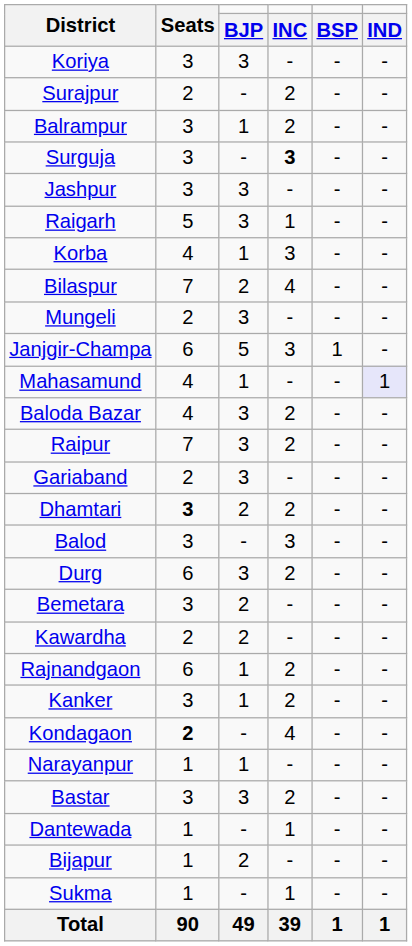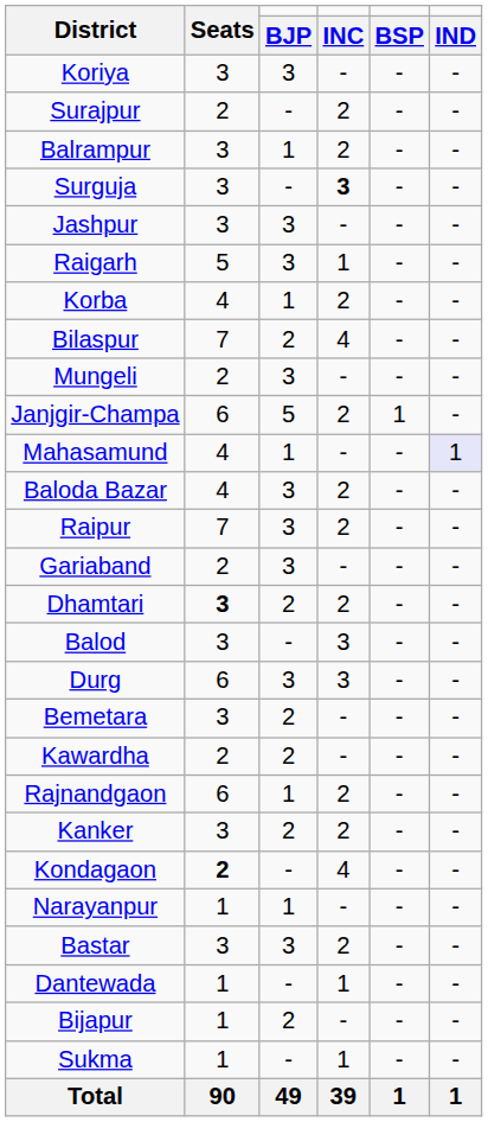 <table class="wikitable" style="text-align:center;">
 <tr>
 <th rowspan="2" class="wikitable">District</th>
 <th rowspan="2" class="wikitable">Seats</th>
 <td></td>
 <td></td>
 <td></td>
 <td></td>
 </tr>
 <tr>
 <th class="wikitable"><a href='#'>BJP</a></th>
 <th class="wikitable"><a href='#'>INC</a></th>
 <th class="wikitable"><a href='#'>BSP</a></th>
 <th><a href='#'>IND</a></th>
 </tr>
 <tr>
 <td><a href='#'>Koriya</a></td>
 <td>3</td>
 <td>3</td>
 <td>-</td>
 <td>-</td>
 <td>-</td>
 </tr>
 <tr>
 <td><a href='#'>Surajpur</a></td>
 <td>2</td>
 <td>-</td>
 <td>2</td>
 <td>-</td>
 <td>-</td>
 </tr>
 <tr>
 <td><a href='#'>Balrampur</a></td>
 <td>3</td>
 <td>1</td>
 <td>2</td>
 <td>-</td>
 <td>-</td>
 </tr>
 <tr>
 <td><a href='#'>Surguja</a></td>
 <td>3</td>
 <td>-</td>
 <td><strong>3</strong></td>
 <td>-</td>
 <td>-</td>
 </tr>
 <tr>
 <td><a href='#'>Jashpur</a></td>
 <td>3</td>
 <td>3</td>
 <td>-</td>
 <td>-</td>
 <td>-</td>
 </tr>
 <tr>
 <td><a href='#'>Raigarh</a></td>
 <td>5</td>
 <td>3</td>
 <td>1</td>
 <td>-</td>
 <td>-</td>
 </tr>
 <tr>
 <td><a href='#'>Korba</a></td>
 <td>4</td>
 <td>1</td>
-<td>3</td>
+<td>2</td>
 <td>-</td>
 <td>-</td>
 </tr>
 <tr>
 <td><a href='#'>Bilaspur</a></td>
 <td>7</td>
 <td>2</td>
 <td>4</td>
 <td>-</td>
 <td>-</td>
 </tr>
 <tr>
 <td><a href='#'>Mungeli</a></td>
 <td>2</td>
 <td>3</td>
 <td>-</td>
 <td>-</td>
 <td>-</td>
 </tr>
 <tr>
 <td><a href='#'>Janjgir-Champa</a></td>
 <td>6</td>
 <td>5</td>
-<td>3</td>
+<td>2</td>
 <td>1</td>
 <td>-</td>
 </tr>
 <tr>
 <td><a href='#'>Mahasamund</a></td>
 <td>4</td>
 <td>1</td>
 <td>-</td>
 <td>-</td>
 <td style="background: lavender;">1</td>
 </tr>
 <tr>
 <td><a href='#'>Baloda Bazar</a></td>
 <td>4</td>
 <td>3</td>
 <td>2</td>
 <td>-</td>
 <td>-</td>
 </tr>
 <tr>
 <td><a href='#'>Raipur</a></td>
 <td>7</td>
 <td>3</td>
 <td>2</td>
 <td>-</td>
 <td>-</td>
 </tr>
 <tr>
 <td><a href='#'>Gariaband</a></td>
 <td>2</td>
 <td>3</td>
 <td>-</td>
 <td>-</td>
 <td>-</td>
 </tr>
 <tr>
 <td><a href='#'>Dhamtari</a></td>
 <td><strong>3</strong></td>
 <td>2</td>
 <td>2</td>
 <td>-</td>
 <td>-</td>
 </tr>
 <tr>
 <td><a href='#'>Balod</a></td>
 <td>3</td>
 <td>-</td>
 <td>3</td>
 <td>-</td>
 <td>-</td>
 </tr>
 <tr>
 <td><a href='#'>Durg</a></td>
 <td>6</td>
 <td>3</td>
-<td>2</td>
+<td>3</td>
 <td>-</td>
 <td>-</td>
 </tr>
 <tr>
 <td><a href='#'>Bemetara</a></td>
 <td>3</td>
 <td>2</td>
 <td>-</td>
 <td>-</td>
 <td>-</td>
 </tr>
 <tr>
 <td><a href='#'>Kawardha</a></td>
 <td>2</td>
 <td>2</td>
 <td>-</td>
 <td>-</td>
 <td>-</td>
 </tr>
 <tr>
 <td><a href='#'>Rajnandgaon</a></td>
 <td>6</td>
 <td>1</td>
 <td>2</td>
 <td>-</td>
 <td>-</td>
 </tr>
 <tr>
 <td><a href='#'>Kanker</a></td>
 <td>3</td>
-<td>1</td>
+<td>2</td>
 <td>2</td>
 <td>-</td>
 <td>-</td>
 </tr>
 <tr>
 <td><a href='#'>Kondagaon</a></td>
 <td><strong>2</strong></td>
 <td>-</td>
 <td>4</td>
 <td>-</td>
 <td>-</td>
 </tr>
 <tr>
 <td><a href='#'>Narayanpur</a></td>
 <td>1</td>
 <td>1</td>
 <td>-</td>
 <td>-</td>
 <td>-</td>
 </tr>
 <tr>
 <td><a href='#'>Bastar</a></td>
 <td>3</td>
 <td>3</td>
 <td>2</td>
 <td>-</td>
 <td>-</td>
 </tr>
 <tr>
 <td><a href='#'>Dantewada</a></td>
 <td>1</td>
 <td>-</td>
 <td>1</td>
 <td>-</td>
 <td>-</td>
 </tr>
 <tr>
 <td><a href='#'>Bijapur</a></td>
 <td>1</td>
 <td>2</td>
 <td>-</td>
 <td>-</td>
 <td>-</td>
 </tr>
 <tr>
 <td><a href='#'>Sukma</a></td>
 <td>1</td>
 <td>-</td>
 <td>1</td>
 <td>-</td>
 <td>-</td>
 </tr>
 <tr>
 <th>Total</th>
 <th>90</th>
 <th>49</th>
 <th>39</th>
 <th>1</th>
 <th>1</th>
 </tr>
 </table>
